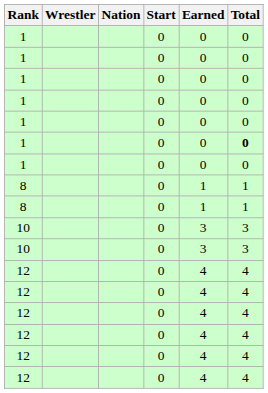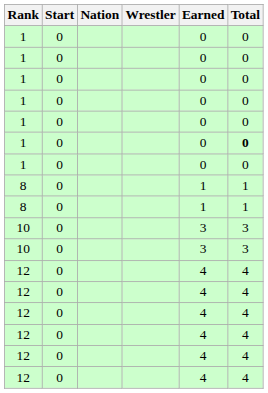 <table class="wikitable sortable" style="text-align:center;">
 <tr>
 <th>Rank</th>
+<th>Start</th>
+<th>Nation</th>
 <th>Wrestler</th>
-<th>Nation</th>
-<th>Start</th>
 <th>Earned</th>
 <th>Total</th>
 </tr>
 <tr style="background:#cfc;">
 <td>1</td>
+<td>0</td>
 <td align=left></td>
 <td align=left></td>
-<td>0</td>
 <td>0</td>
 <td>0</td>
 </tr>
 <tr style="background:#cfc;">
 <td>1</td>
+<td>0</td>
 <td align=left></td>
 <td align=left></td>
-<td>0</td>
 <td>0</td>
 <td>0</td>
 </tr>
 <tr style="background:#cfc;">
 <td>1</td>
+<td>0</td>
 <td align=left></td>
 <td align=left></td>
-<td>0</td>
 <td>0</td>
 <td>0</td>
 </tr>
 <tr style="background:#cfc;">
 <td>1</td>
+<td>0</td>
 <td align=left></td>
 <td align=left></td>
-<td>0</td>
 <td>0</td>
 <td>0</td>
 </tr>
 <tr style="background:#cfc;">
 <td>1</td>
+<td>0</td>
 <td align=left></td>
 <td align=left></td>
-<td>0</td>
 <td>0</td>
 <td>0</td>
 </tr>
 <tr style="background:#cfc;">
 <td>1</td>
+<td>0</td>
 <td align=left></td>
 <td align=left></td>
-<td>0</td>
 <td>0</td>
 <td><strong>0</strong></td>
 </tr>
 <tr style="background:#cfc;">
 <td>1</td>
+<td>0</td>
 <td align=left></td>
 <td align=left></td>
-<td>0</td>
 <td>0</td>
 <td>0</td>
 </tr>
 <tr style="background:#cfc;">
 <td>8</td>
+<td>0</td>
 <td align=left></td>
 <td align=left></td>
-<td>0</td>
 <td>1</td>
 <td>1</td>
 </tr>
 <tr style="background:#cfc;">
 <td>8</td>
+<td>0</td>
 <td align=left></td>
 <td align=left></td>
-<td>0</td>
 <td>1</td>
 <td>1</td>
 </tr>
 <tr style="background:#cfc;">
 <td>10</td>
+<td>0</td>
 <td align=left></td>
 <td align=left></td>
-<td>0</td>
 <td>3</td>
 <td>3</td>
 </tr>
 <tr style="background:#cfc;">
 <td>10</td>
+<td>0</td>
 <td align=left></td>
 <td align=left></td>
-<td>0</td>
 <td>3</td>
 <td>3</td>
 </tr>
 <tr style="background:#cfc;">
 <td>12</td>
+<td>0</td>
 <td align=left></td>
 <td align=left></td>
-<td>0</td>
 <td>4</td>
 <td>4</td>
 </tr>
 <tr style="background:#cfc;">
 <td>12</td>
+<td>0</td>
 <td align=left></td>
 <td align=left></td>
-<td>0</td>
 <td>4</td>
 <td>4</td>
 </tr>
 <tr style="background:#cfc;">
 <td>12</td>
+<td>0</td>
 <td align=left></td>
 <td align=left></td>
-<td>0</td>
 <td>4</td>
 <td>4</td>
 </tr>
 <tr style="background:#cfc;">
 <td>12</td>
+<td>0</td>
 <td align=left></td>
 <td align=left></td>
-<td>0</td>
 <td>4</td>
 <td>4</td>
 </tr>
 <tr style="background:#cfc;">
 <td>12</td>
+<td>0</td>
 <td align=left></td>
 <td align=left></td>
-<td>0</td>
 <td>4</td>
 <td>4</td>
 </tr>
 <tr style="background:#cfc;">
 <td>12</td>
+<td>0</td>
 <td align=left></td>
 <td align=left></td>
-<td>0</td>
 <td>4</td>
 <td>4</td>
 </tr>
 </table>
